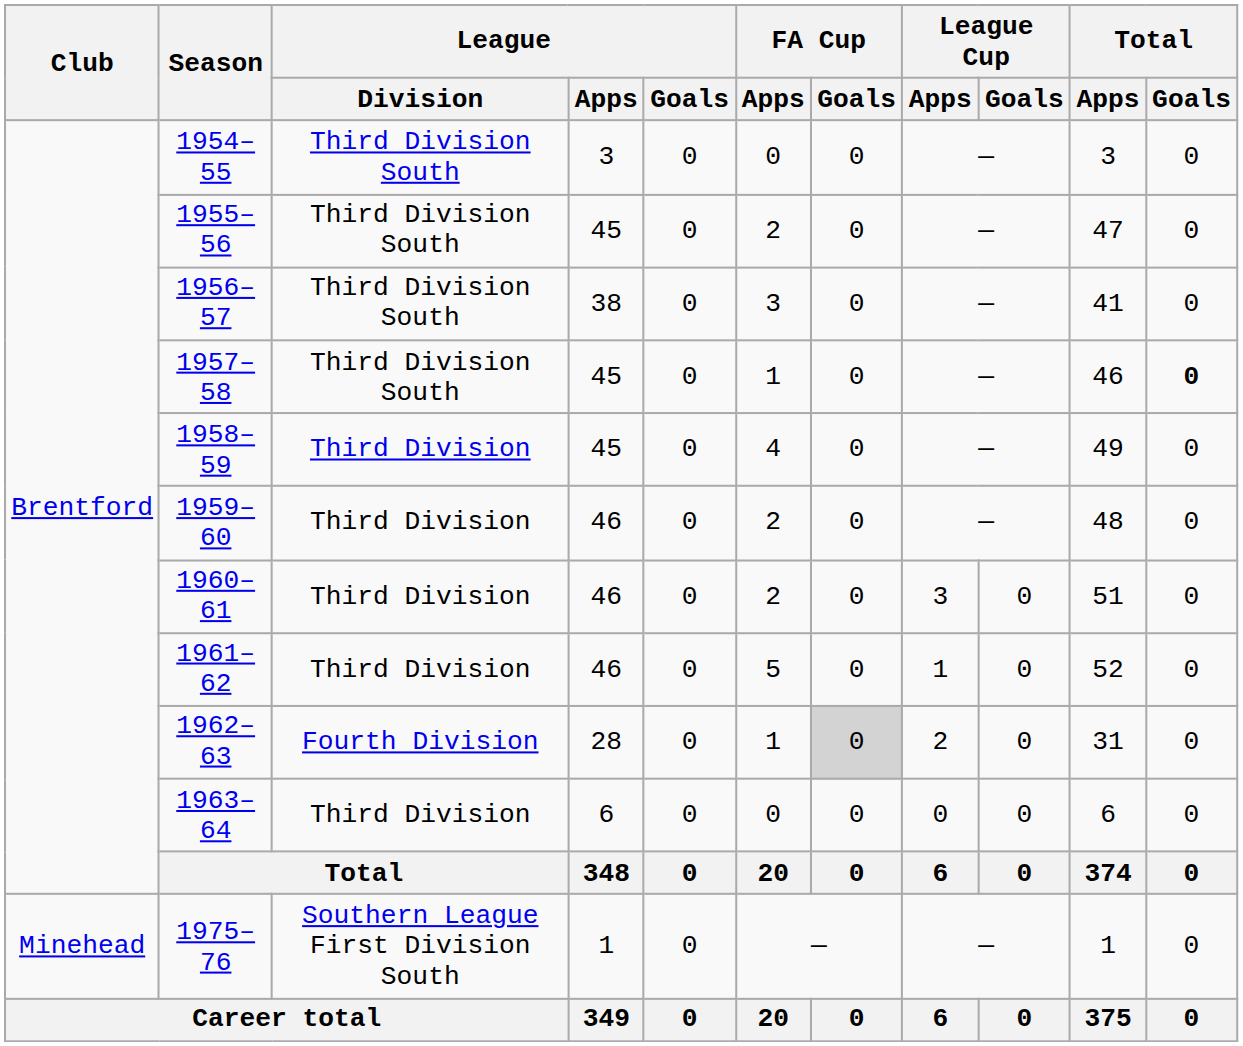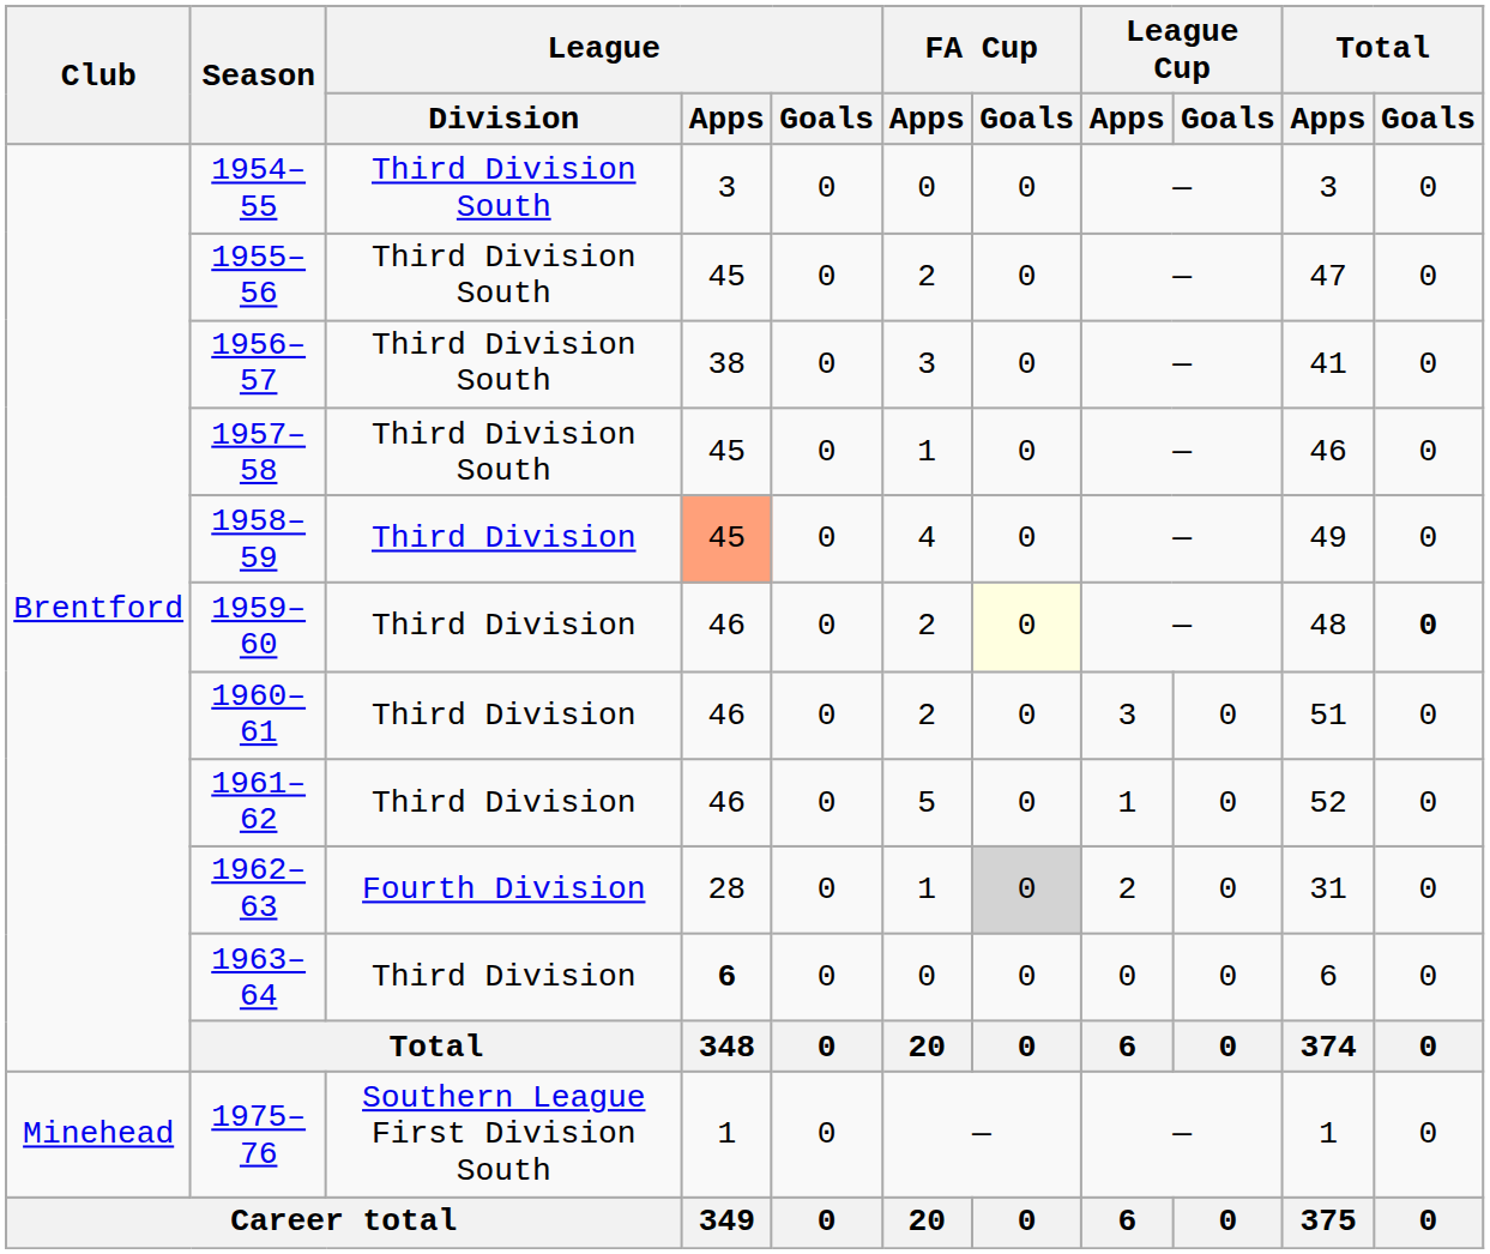 <table class="wikitable" style="text-align: center;">
 <tr>
 <th rowspan="2">Club</th>
 <th rowspan="2">Season</th>
 <th colspan="3">League</th>
 <th colspan="2">FA Cup</th>
 <th colspan="2">League Cup</th>
 <th colspan="2">Total</th>
 </tr>
 <tr>
 <th>Division</th>
 <th>Apps</th>
 <th>Goals</th>
 <th>Apps</th>
 <th>Goals</th>
 <th>Apps</th>
 <th>Goals</th>
 <th>Apps</th>
 <th>Goals</th>
 </tr>
 <tr>
 <td rowspan="11"><a href='#'>Brentford</a></td>
 <td><a href='#'>1954–55</a></td>
 <td><a href='#'>Third Division South</a></td>
 <td>3</td>
 <td>0</td>
 <td>0</td>
 <td>0</td>
 <td colspan="2">—</td>
 <td>3</td>
 <td>0</td>
 </tr>
 <tr>
 <td><a href='#'>1955–56</a></td>
 <td>Third Division South</td>
 <td>45</td>
 <td>0</td>
 <td>2</td>
 <td>0</td>
 <td colspan="2">—</td>
 <td>47</td>
 <td>0</td>
 </tr>
 <tr>
 <td><a href='#'>1956–57</a></td>
 <td>Third Division South</td>
 <td>38</td>
 <td>0</td>
 <td>3</td>
 <td>0</td>
 <td colspan="2">—</td>
 <td>41</td>
 <td>0</td>
 </tr>
 <tr>
 <td><a href='#'>1957–58</a></td>
 <td>Third Division South</td>
 <td>45</td>
 <td>0</td>
 <td>1</td>
 <td>0</td>
 <td colspan="2">—</td>
 <td>46</td>
-<td><strong>0</strong></td>
+<td>0</td>
 </tr>
 <tr>
 <td><a href='#'>1958–59</a></td>
 <td><a href='#'>Third Division</a></td>
-<td>45</td>
+<td style="background: lightsalmon;">45</td>
 <td>0</td>
 <td>4</td>
 <td>0</td>
 <td colspan="2">—</td>
 <td>49</td>
 <td>0</td>
 </tr>
 <tr>
 <td><a href='#'>1959–60</a></td>
 <td>Third Division</td>
 <td>46</td>
 <td>0</td>
 <td>2</td>
-<td>0</td>
+<td style="background: lightyellow;">0</td>
 <td colspan="2">—</td>
 <td>48</td>
-<td>0</td>
+<td><strong>0</strong></td>
 </tr>
 <tr>
 <td><a href='#'>1960–61</a></td>
 <td>Third Division</td>
 <td>46</td>
 <td>0</td>
 <td>2</td>
 <td>0</td>
 <td>3</td>
 <td>0</td>
 <td>51</td>
 <td>0</td>
 </tr>
 <tr>
 <td><a href='#'>1961–62</a></td>
 <td>Third Division</td>
 <td>46</td>
 <td>0</td>
 <td>5</td>
 <td>0</td>
 <td>1</td>
 <td>0</td>
 <td>52</td>
 <td>0</td>
 </tr>
 <tr>
 <td><a href='#'>1962–63</a></td>
 <td><a href='#'>Fourth Division</a></td>
 <td>28</td>
 <td>0</td>
 <td>1</td>
 <td style="background: lightgrey;">0</td>
 <td>2</td>
 <td>0</td>
 <td>31</td>
 <td>0</td>
 </tr>
 <tr>
 <td><a href='#'>1963–64</a></td>
 <td>Third Division</td>
-<td>6</td>
+<td><strong>6</strong></td>
 <td>0</td>
 <td>0</td>
 <td>0</td>
 <td>0</td>
 <td>0</td>
 <td>6</td>
 <td>0</td>
 </tr>
 <tr>
 <th colspan="2">Total</th>
 <th>348</th>
 <th>0</th>
 <th>20</th>
 <th>0</th>
 <th>6</th>
 <th>0</th>
 <th>374</th>
 <th>0</th>
 </tr>
 <tr>
 <td><a href='#'>Minehead</a></td>
 <td><a href='#'>1975–76</a></td>
 <td><a href='#'>Southern League</a> First Division South</td>
 <td>1</td>
 <td>0</td>
 <td colspan="2">—</td>
 <td colspan="2">—</td>
 <td>1</td>
 <td>0</td>
 </tr>
 <tr>
 <th colspan="3">Career total</th>
 <th>349</th>
 <th>0</th>
 <th>20</th>
 <th>0</th>
 <th>6</th>
 <th>0</th>
 <th>375</th>
 <th>0</th>
 </tr>
 </table>
